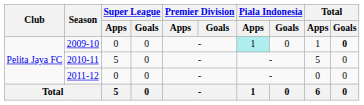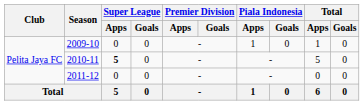 <table class="wikitable" style="font-size:90%; text-align:center;">
 <tr>
 <th rowspan="2">Club</th>
 <th rowspan="2">Season</th>
 <th colspan="2"><a href='#'>Super League</a></th>
 <th colspan="2"><a href='#'>Premier Division</a></th>
 <th colspan="2"><a href='#'>Piala Indonesia</a></th>
 <th colspan="2">Total</th>
 </tr>
 <tr>
 <th>Apps</th>
 <th>Goals</th>
 <th>Apps</th>
 <th>Goals</th>
 <th>Apps</th>
 <th>Goals</th>
 <th>Apps</th>
 <th>Goals</th>
 </tr>
 <tr>
 <td rowspan="3"><a href='#'>Pelita Jaya FC</a></td>
 <td><a href='#'>2009-10</a></td>
 <td>0</td>
 <td>0</td>
 <td colspan="2">-</td>
-<td style="background: paleturquoise;">1</td>
+<td>1</td>
 <td>0</td>
 <td>1</td>
-<td><strong>0</strong></td>
+<td>0</td>
 </tr>
 <tr>
 <td><a href='#'>2010-11</a></td>
-<td>5</td>
+<td><strong>5</strong></td>
 <td>0</td>
 <td colspan="2">-</td>
 <td colspan="2">-</td>
 <td>5</td>
 <td>0</td>
 </tr>
 <tr>
 <td><a href='#'>2011-12</a></td>
 <td>0</td>
 <td>0</td>
 <td colspan="2">-</td>
 <td colspan="2">-</td>
 <td>0</td>
 <td>0</td>
 </tr>
 <tr>
 <th colspan="2">Total</th>
 <th>5</th>
 <th>0</th>
 <th colspan="2">-</th>
 <th>1</th>
 <th>0</th>
 <th>6</th>
 <th>0</th>
 </tr>
 </table>
